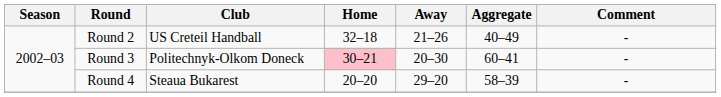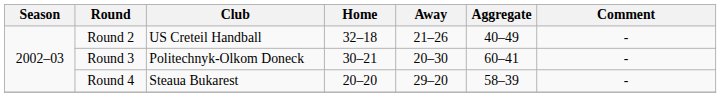 <table class="wikitable" style="text-align:center">
 <tr>
 <th width=75px>Season</th>
 <th width=75px>Round</th>
 <th width=200px>Club</th>
 <th width=75px>Home</th>
 <th width=75px>Away</th>
 <th width=75px>Aggregate</th>
 <th width=200px>Comment</th>
 </tr>
 <tr>
 <td rowspan="3">2002–03</td>
 <td>Round 2</td>
 <td align=left> US Creteil Handball</td>
 <td>32–18</td>
 <td>21–26</td>
 <td>40–49</td>
 <td>-</td>
 </tr>
 <tr>
 <td>Round 3</td>
 <td align=left> Politechnyk-Olkom Doneck</td>
-<td style="background: pink;">30–21</td>
+<td>30–21</td>
 <td>20–30</td>
 <td>60–41</td>
 <td>-</td>
 </tr>
 <tr>
 <td>Round 4</td>
 <td align=left> Steaua Bukarest</td>
 <td>20–20</td>
 <td>29–20</td>
 <td>58–39</td>
 <td>-</td>
 </tr>
 <tr>
 </tr>
 </table>
